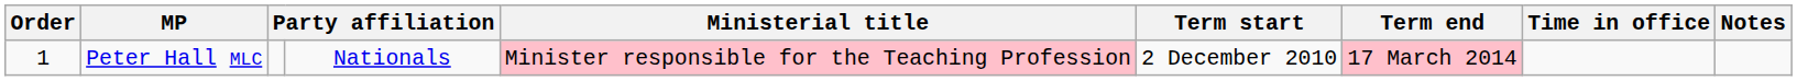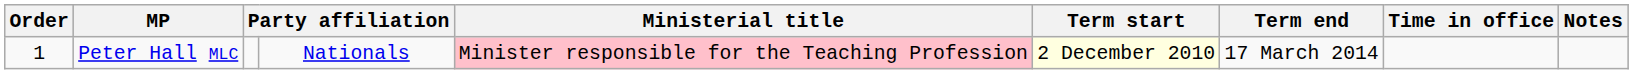 <table class="wikitable" style="text-align:center">
 <tr>
 <th>Order</th>
 <th>MP</th>
 <th colspan="2">Party affiliation</th>
 <th>Ministerial title</th>
 <th>Term start</th>
 <th>Term end</th>
 <th>Time in office</th>
 <th>Notes</th>
 </tr>
 <tr>
 <td>1</td>
 <td><a href='#'>Peter Hall</a> <a href='#'><small>MLC</small></a></td>
 <td></td>
 <td><a href='#'>Nationals</a></td>
 <td style="background: pink;">Minister responsible for the Teaching Profession</td>
-<td>2 December 2010</td>
-<td style="background: pink;">17 March 2014</td>
+<td style="background: lightyellow;">2 December 2010</td>
+<td>17 March 2014</td>
 <td></td>
 <td></td>
 </tr>
 </table>
